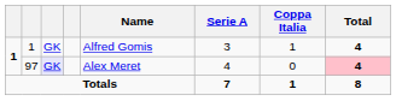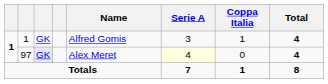 <table class="wikitable" style="text-align:center">
 <tr>
 <th width=15></th>
 <th width=15></th>
 <th width=15></th>
 <th width=15></th>
 <th width=145>Name</th>
 <th width=80><strong><a href='#'>Serie A</a></strong></th>
 <th width=80><strong><a href='#'>Coppa Italia</a></strong></th>
 <th width=80>Total</th>
 </tr>
 <tr>
 <td rowspan=2><strong>1</strong></td>
 <td>1</td>
 <td><a href='#'>GK</a></td>
 <td></td>
 <td align=left><a href='#'>Alfred Gomis</a></td>
 <td>3</td>
 <td>1</td>
 <td><strong>4</strong></td>
 </tr>
 <tr>
 <td>97</td>
 <td style="background: lavender;"><a href='#'>GK</a></td>
 <td></td>
 <td align=left><a href='#'>Alex Meret</a></td>
-<td>4</td>
+<td style="background: lightyellow;">4</td>
 <td>0</td>
-<td style="background: pink;"><strong>4</strong></td>
+<td><strong>4</strong></td>
 </tr>
 <tr>
 <td colspan=5><strong>Totals</strong></td>
 <td><strong>7</strong></td>
 <td><strong>1</strong></td>
 <td><strong>8</strong></td>
 </tr>
 </table>
